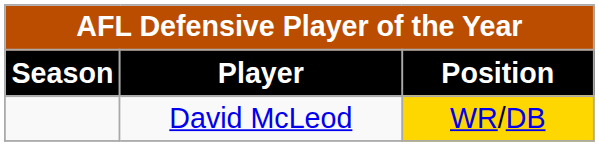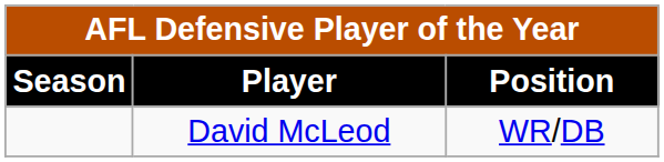 <table class="wikitable sortable" style="text-align:center">
 <tr>
 <td colspan="4" style="background:#BA4D00; color:white;"><strong>AFL Defensive Player of the Year</strong></td>
 </tr>
 <tr>
 <th style="width:50px; background:black; color:white;">Season</th>
 <th style="width:150px; background:black; color:white;">Player</th>
 <th style="width:100px; background:black; color:white;">Position</th>
 </tr>
 <tr>
 <td></td>
 <td><a href='#'>David McLeod</a></td>
-<td style="background: gold;"><a href='#'>WR</a>/<a href='#'>DB</a></td>
+<td><a href='#'>WR</a>/<a href='#'>DB</a></td>
 </tr>
 </table>
